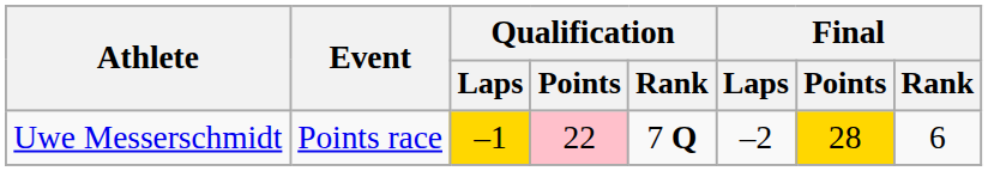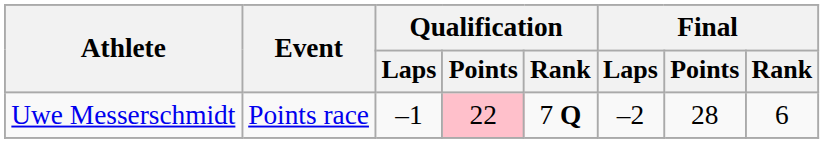 <table class="wikitable" style="font-size:90%">
 <tr>
 <th rowspan=2>Athlete</th>
 <th rowspan=2>Event</th>
 <th colspan=3>Qualification</th>
 <th colspan=3>Final</th>
 </tr>
 <tr style="font-size:95%">
 <th>Laps</th>
 <th>Points</th>
 <th>Rank</th>
 <th>Laps</th>
 <th>Points</th>
 <th>Rank</th>
 </tr>
 <tr align=center>
 <td align=left><a href='#'>Uwe Messerschmidt</a></td>
 <td align=left><a href='#'>Points race</a></td>
-<td style="background: gold;">–1</td>
+<td>–1</td>
 <td style="background: pink;">22</td>
 <td>7 <strong>Q</strong></td>
 <td>–2</td>
-<td style="background: gold;">28</td>
+<td>28</td>
 <td>6</td>
 </tr>
 </table>
